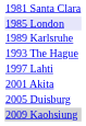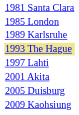 <table>
 <tr>
 <td><a href='#'>1981 Santa Clara</a></td>
 <td></td>
 <td></td>
 <td><br></td>
 </tr>
 <tr>
-<td style="background: lavender;"><a href='#'>1985 London</a></td>
+<td><a href='#'>1985 London</a></td>
 <td></td>
 <td></td>
 <td><br></td>
 </tr>
 <tr>
 <td><a href='#'>1989 Karlsruhe</a></td>
 <td></td>
 <td></td>
 <td><br></td>
 </tr>
 <tr>
-<td><a href='#'>1993 The Hague</a></td>
+<td style="background: khaki;"><a href='#'>1993 The Hague</a></td>
 <td></td>
 <td></td>
 <td><br></td>
 </tr>
 <tr>
 <td><a href='#'>1997 Lahti</a></td>
 <td></td>
 <td></td>
 <td><br></td>
 </tr>
 <tr>
 <td><a href='#'>2001 Akita</a></td>
 <td></td>
 <td></td>
 <td></td>
 </tr>
 <tr>
 <td><a href='#'>2005 Duisburg</a></td>
 <td></td>
 <td></td>
 <td></td>
 </tr>
 <tr>
-<td style="background: lightgrey;"><a href='#'>2009 Kaohsiung</a></td>
+<td><a href='#'>2009 Kaohsiung</a></td>
 <td></td>
 <td></td>
 <td></td>
 </tr>
 </table>
